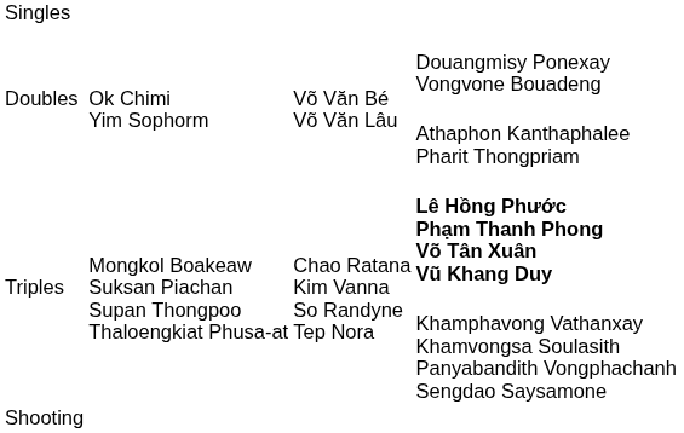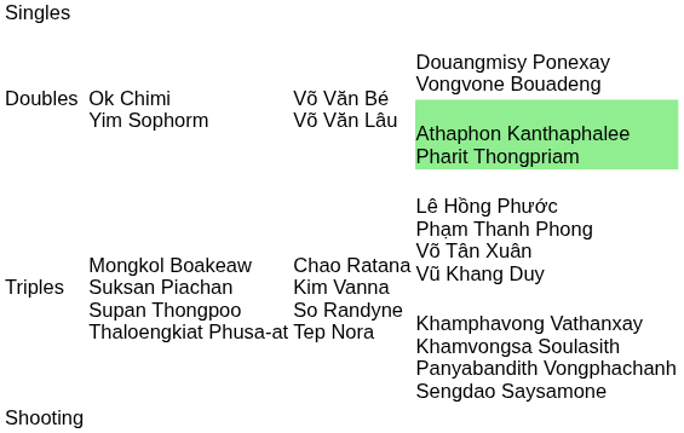 <table>
 <tr>
 <td rowspan=2>Singles</td>
 <td rowspan=2></td>
 <td rowspan=2></td>
 <td></td>
 </tr>
 <tr>
 <td></td>
 </tr>
 <tr>
 <td rowspan=2>Doubles</td>
 <td rowspan=2><br>Ok Chimi<br>Yim Sophorm</td>
 <td rowspan=2><br>Võ Văn Bé<br>Võ Văn Lâu</td>
 <td><br>Douangmisy Ponexay<br>Vongvone Bouadeng</td>
 </tr>
 <tr>
-<td><br>Athaphon Kanthaphalee<br>Pharit Thongpriam</td>
+<td style="background: lightgreen;"><br>Athaphon Kanthaphalee<br>Pharit Thongpriam</td>
 </tr>
 <tr>
 <td rowspan=2>Triples</td>
 <td rowspan=2><br>Mongkol Boakeaw<br>Suksan Piachan<br>Supan Thongpoo<br>Thaloengkiat Phusa-at</td>
 <td rowspan=2><br>Chao Ratana<br>Kim Vanna<br>So Randyne<br>Tep Nora</td>
-<td><strong><br>Lê Hồng Phước<br>Phạm Thanh Phong<br>Võ Tân Xuân<br>Vũ Khang Duy</strong></td>
+<td><br>Lê Hồng Phước<br>Phạm Thanh Phong<br>Võ Tân Xuân<br>Vũ Khang Duy</td>
 </tr>
 <tr>
 <td nowrap=true><br>Khamphavong Vathanxay<br>Khamvongsa Soulasith<br>Panyabandith Vongphachanh<br>Sengdao Saysamone</td>
 </tr>
 <tr>
 <td rowspan=2>Shooting</td>
 <td rowspan=2 nowrap=true></td>
 <td rowspan=2 nowrap=true></td>
 <td></td>
 </tr>
 <tr>
 <td></td>
 </tr>
 </table>
